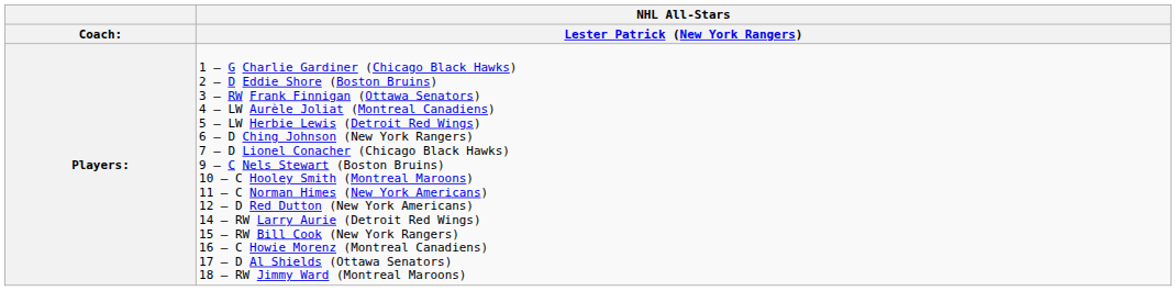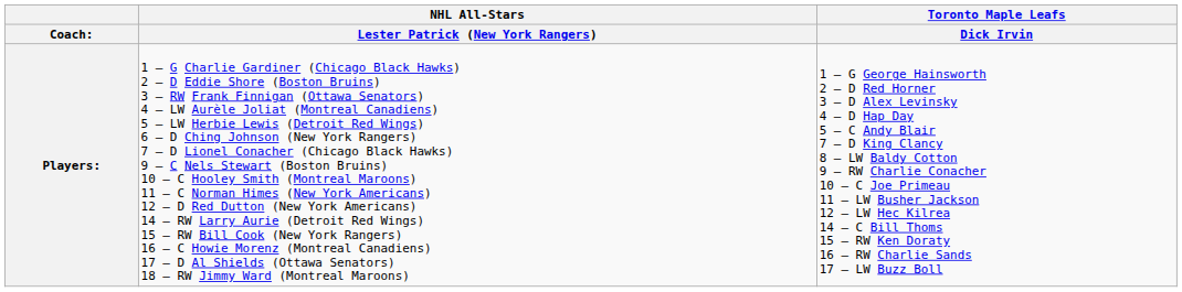 <table class="wikitable" style="width:100%">
 <tr>
 <th></th>
 <th>NHL All-Stars</th>
+<th><a href='#'>Toronto Maple Leafs</a></th>
 </tr>
 <tr>
 <th>Coach:</th>
 <th><a href='#'>Lester Patrick</a> (<a href='#'>New York Rangers</a>)</th>
+<th><a href='#'>Dick Irvin</a></th>
 </tr>
 <tr>
 <th>Players:</th>
 <td><br>1 – <a href='#'>G</a> <a href='#'>Charlie Gardiner</a> (<a href='#'>Chicago Black Hawks</a>)<br> 2 – <a href='#'>D</a> <a href='#'>Eddie Shore</a> (<a href='#'>Boston Bruins</a>)<br> 3 – <a href='#'>RW</a> <a href='#'>Frank Finnigan</a> (<a href='#'>Ottawa Senators</a>)<br> 4 – LW <a href='#'>Aurèle Joliat</a> (<a href='#'>Montreal Canadiens</a>)<br> 5 – LW <a href='#'>Herbie Lewis</a> (<a href='#'>Detroit Red Wings</a>)<br> 6 – D <a href='#'>Ching Johnson</a> (New York Rangers)<br> 7 – D <a href='#'>Lionel Conacher</a> (Chicago Black Hawks)<br> 9 – <a href='#'>C</a> <a href='#'>Nels Stewart</a> (Boston Bruins)<br> 10 – C <a href='#'>Hooley Smith</a> (<a href='#'>Montreal Maroons</a>)<br> 11 – C <a href='#'>Norman Himes</a> (<a href='#'>New York Americans</a>)<br> 12 – D <a href='#'>Red Dutton</a> (New York Americans)<br> 14 – RW <a href='#'>Larry Aurie</a> (Detroit Red Wings)<br> 15 – RW <a href='#'>Bill Cook</a> (New York Rangers)<br> 16 – C <a href='#'>Howie Morenz</a> (Montreal Canadiens)<br> 17 – D <a href='#'>Al Shields</a> (Ottawa Senators)<br> 18 – RW <a href='#'>Jimmy Ward</a> (Montreal Maroons)</td>
+<td><br>1 – G <a href='#'>George Hainsworth</a><br> 2 – D <a href='#'>Red Horner</a><br> 3 – D <a href='#'>Alex Levinsky</a><br> 4 – D <a href='#'>Hap Day</a><br> 5 – C <a href='#'>Andy Blair</a><br> 7 – D <a href='#'>King Clancy</a><br> 8 – LW <a href='#'>Baldy Cotton</a><br> 9 – RW <a href='#'>Charlie Conacher</a><br> 10 – C <a href='#'>Joe Primeau</a><br> 11 – LW <a href='#'>Busher Jackson</a><br> 12 – LW <a href='#'>Hec Kilrea</a><br> 14 – C <a href='#'>Bill Thoms</a><br> 15 – RW <a href='#'>Ken Doraty</a><br> 16 – RW <a href='#'>Charlie Sands</a><br> 17 – LW <a href='#'>Buzz Boll</a></td>
 </tr>
 </table>
